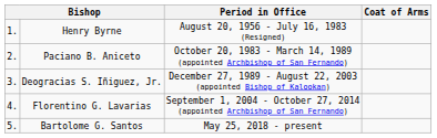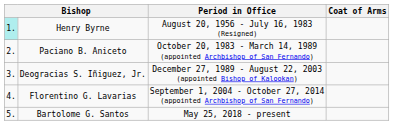 <table class="wikitable" style="text-align:center;">
 <tr>
 <th colspan=2>Bishop</th>
 <th>Period in Office</th>
 <th>Coat of Arms</th>
 </tr>
 <tr>
-<td>1.</td>
+<td style="background: paleturquoise;">1.</td>
 <td>Henry Byrne</td>
 <td>August 20, 1956 - July 16, 1983 <br><small>(Resigned)</small></td>
 <td></td>
 </tr>
 <tr>
 <td>2.</td>
 <td>Paciano B. Aniceto</td>
 <td>October 20, 1983 - March 14, 1989 <br><small>(appointed <a href='#'>Archbishop of San Fernando</a>)</small></td>
 <td></td>
 </tr>
 <tr>
 <td>3.</td>
 <td>Deogracias S. Iñiguez, Jr.</td>
 <td>December 27, 1989 - August 22, 2003 <br><small>(appointed <a href='#'>Bishop of Kalookan</a>)</small></td>
 <td></td>
 </tr>
 <tr>
 <td>4.</td>
 <td>Florentino G. Lavarias</td>
 <td>September 1, 2004 - October 27, 2014 <br><small>(appointed <a href='#'>Archbishop of San Fernando</a>) </small></td>
 <td></td>
 </tr>
 <tr>
 <td>5.</td>
 <td>Bartolome G. Santos</td>
 <td>May 25, 2018 - present</td>
 <td></td>
 </tr>
 </table>
